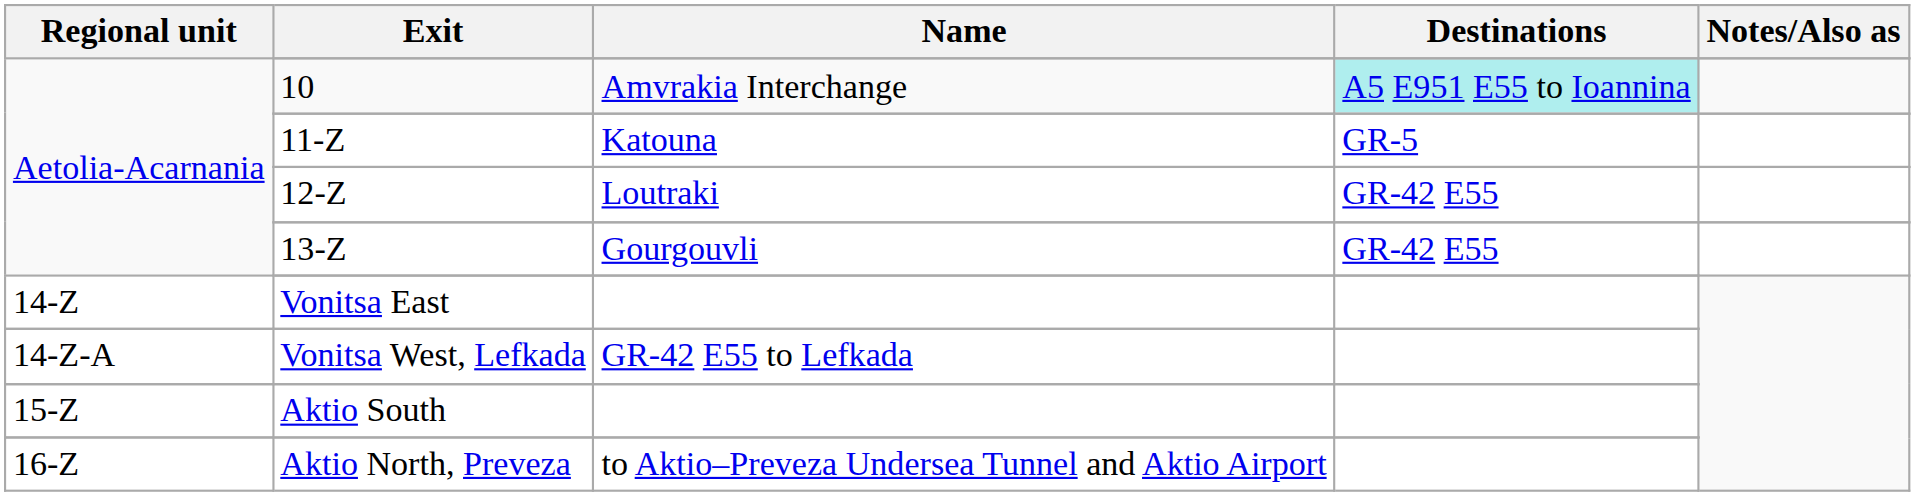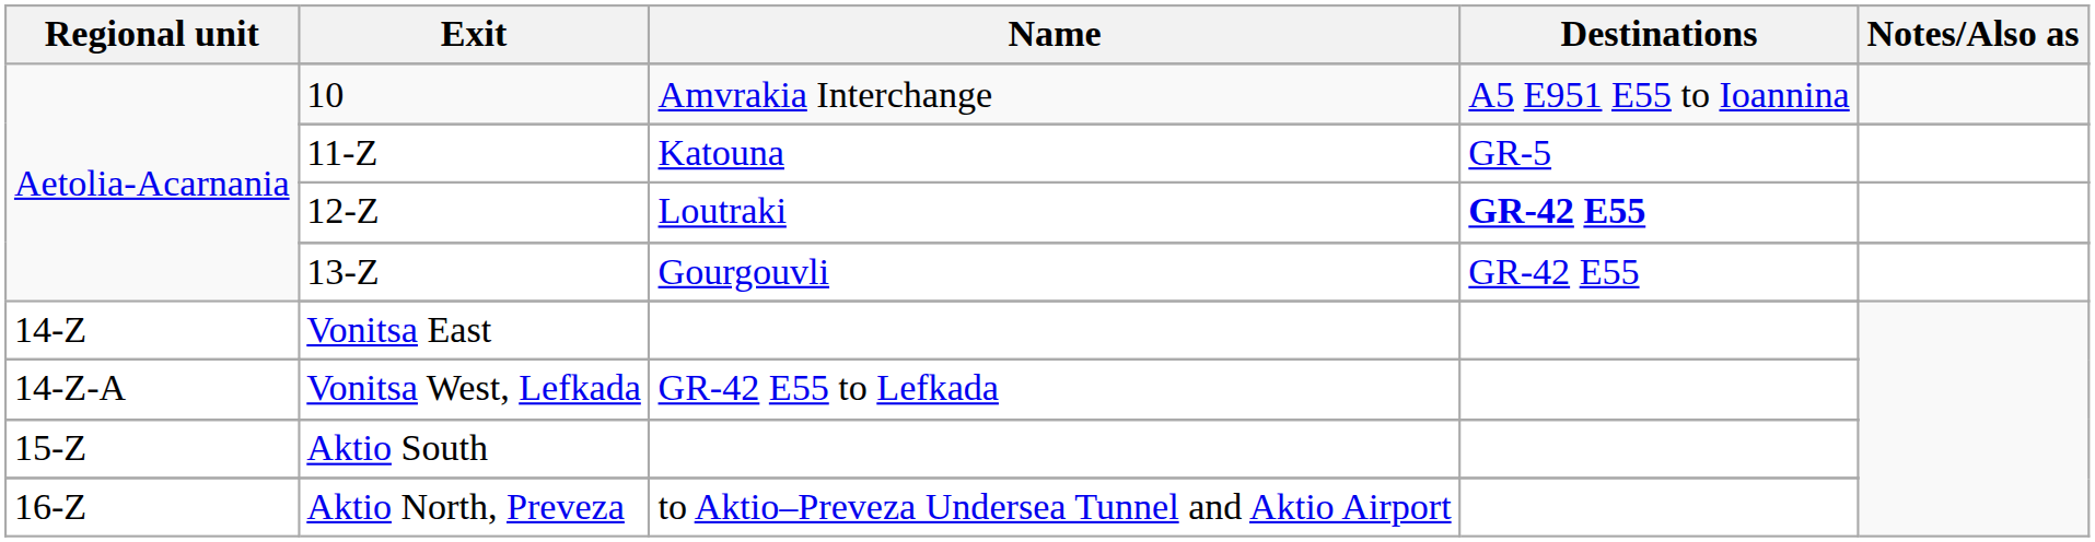 <table class="wikitable collapsible uncollapsed">
 <tr>
 <th scope="col">Regional unit</th>
 <th scope="col">Exit</th>
 <th scope="col">Name</th>
 <th scope="col">Destinations</th>
 <th scope="col">Notes/Also as</th>
 </tr>
 <tr>
 <td rowspan=9><a href='#'>Aetolia-Acarnania</a></td>
 </tr>
 <tr>
 <td>10</td>
 <td><a href='#'>Amvrakia</a> Interchange</td>
-<td style="background: paleturquoise;"> <a href='#'>A5</a>  <a href='#'>E951</a>  <a href='#'>E55</a> to <a href='#'>Ioannina</a></td>
+<td> <a href='#'>A5</a>  <a href='#'>E951</a>  <a href='#'>E55</a> to <a href='#'>Ioannina</a></td>
 <td></td>
 </tr>
 <tr>
 </tr>
 <tr style="background:white; color:black;">
 <td>11-Z</td>
 <td><a href='#'>Katouna</a></td>
 <td> <a href='#'>GR-5</a></td>
 <td></td>
 </tr>
 <tr>
 </tr>
 <tr style="background:white; color:black;">
 <td>12-Z</td>
 <td><a href='#'>Loutraki</a></td>
-<td> <a href='#'>GR-42</a>  <a href='#'>E55</a></td>
+<td><strong> <a href='#'>GR-42</a>  <a href='#'>E55</a></strong></td>
 <td> </td>
 </tr>
 <tr>
 </tr>
 <tr style="background:white; color:black;">
 <td>13-Z</td>
 <td><a href='#'>Gourgouvli</a></td>
 <td> <a href='#'>GR-42</a>  <a href='#'>E55</a></td>
 <td></td>
 </tr>
 <tr>
 </tr>
 <tr style="background:white; color:black;">
 <td>14-Z</td>
 <td><a href='#'>Vonitsa</a> East</td>
 <td></td>
 <td></td>
 </tr>
 <tr>
 </tr>
 <tr style="background:white; color:black;">
 <td>14-Z-A</td>
 <td><a href='#'>Vonitsa</a> West, <a href='#'>Lefkada</a></td>
 <td> <a href='#'>GR-42</a>  <a href='#'>E55</a> to <a href='#'>Lefkada</a></td>
 <td></td>
 </tr>
 <tr>
 </tr>
 <tr style="background:white; color:black;">
 <td>15-Z</td>
 <td><a href='#'>Aktio</a> South</td>
 <td></td>
 <td></td>
 </tr>
 <tr>
 </tr>
 <tr style="background:white; color:black;">
 <td>16-Z</td>
 <td><a href='#'>Aktio</a> North, <a href='#'>Preveza</a></td>
 <td>to <a href='#'>Aktio–Preveza Undersea Tunnel</a> and <a href='#'>Aktio Airport</a></td>
 <td> </td>
 </tr>
 </table>
